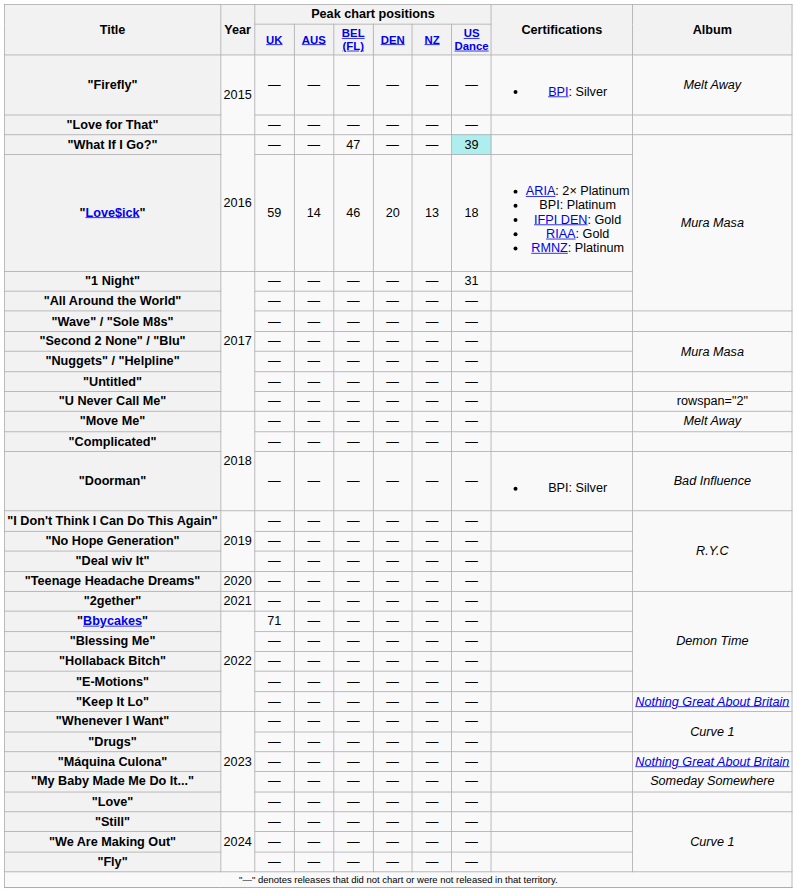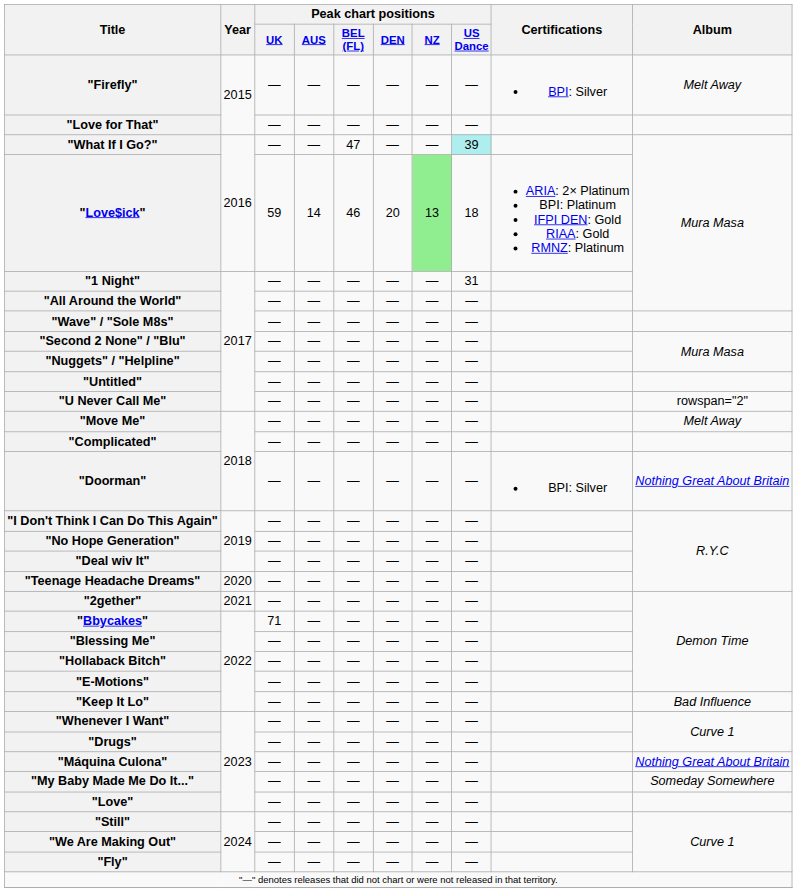 <table class="wikitable plainrowheaders" style="text-align:center">
 <tr>
 <th scope="col" rowspan="2">Title</th>
 <th scope="col" rowspan="2">Year</th>
 <th scope="col" colspan="6">Peak chart positions</th>
 <th scope="col" rowspan="2">Certifications</th>
 <th scope="col" rowspan="2">Album</th>
 </tr>
 <tr>
 <th scope="col" style="width:3em;font-size:90%;"><a href='#'>UK</a><br></th>
 <th scope="col" style="width:3em;font-size:90%;"><a href='#'>AUS</a><br></th>
 <th scope="col" style="width:3em;font-size:90%;"><a href='#'>BEL<br>(FL)</a><br></th>
 <th scope="col" style="width:3em;font-size:90%;"><a href='#'>DEN</a><br></th>
 <th scope="col" style="width:3em;font-size:90%;"><a href='#'>NZ</a><br></th>
 <th scope="col" style="width:3em;font-size:90%;"><a href='#'>US<br>Dance</a><br></th>
 </tr>
 <tr>
 <th scope="row">"Firefly" <br> </th>
 <td rowspan="2">2015</td>
 <td>—</td>
 <td>—</td>
 <td>—</td>
 <td>—</td>
 <td>—</td>
 <td>—</td>
 <td><br><ul><li><a href='#'>BPI</a>: Silver</li></ul></td>
 <td><em>Melt Away</em></td>
 </tr>
 <tr>
 <th scope="row">"Love for That" <br> </th>
 <td>—</td>
 <td>—</td>
 <td>—</td>
 <td>—</td>
 <td>—</td>
 <td>—</td>
 <td></td>
 <td></td>
 </tr>
 <tr>
 <th scope="row">"What If I Go?"<br></th>
 <td rowspan="2">2016</td>
 <td>—</td>
 <td>—</td>
 <td>47</td>
 <td>—</td>
 <td>—</td>
 <td style="background: paleturquoise;">39</td>
 <td></td>
 <td rowspan="4"><em>Mura Masa</em></td>
 </tr>
 <tr>
 <th scope="row">"<a href='#'>Love$ick</a>" <br> </th>
 <td>59</td>
 <td>14</td>
 <td>46</td>
 <td>20</td>
-<td>13</td>
+<td style="background: lightgreen;">13</td>
 <td>18</td>
 <td><br><ul><li><a href='#'>ARIA</a>: 2× Platinum</li><li>BPI: Platinum</li><li><a href='#'>IFPI DEN</a>: Gold</li><li><a href='#'>RIAA</a>: Gold</li><li><a href='#'>RMNZ</a>: Platinum</li></ul></td>
 </tr>
 <tr>
 <th scope="row">"1 Night"<br></th>
 <td rowspan="7">2017</td>
 <td>—</td>
 <td>—</td>
 <td>—</td>
 <td>—</td>
 <td>—</td>
 <td>31</td>
 <td></td>
 </tr>
 <tr>
 <th scope="row">"All Around the World"<br></th>
 <td>—</td>
 <td>—</td>
 <td>—</td>
 <td>—</td>
 <td>—</td>
 <td>—</td>
 <td></td>
 </tr>
 <tr>
 <th scope="row">"Wave" / "Sole M8s"</th>
 <td>—</td>
 <td>—</td>
 <td>—</td>
 <td>—</td>
 <td>—</td>
 <td>—</td>
 <td></td>
 <td></td>
 </tr>
 <tr>
 <th scope="row">"Second 2 None" / "Blu"<br></th>
 <td>—</td>
 <td>—</td>
 <td>—</td>
 <td>—</td>
 <td>—</td>
 <td>—</td>
 <td></td>
 <td rowspan="2"><em>Mura Masa</em></td>
 </tr>
 <tr>
 <th scope="row">"Nuggets" / "Helpline"<br></th>
 <td>—</td>
 <td>—</td>
 <td>—</td>
 <td>—</td>
 <td>—</td>
 <td>—</td>
 <td></td>
 </tr>
 <tr>
 <th scope="row">"Untitled"<br></th>
 <td>—</td>
 <td>—</td>
 <td>—</td>
 <td>—</td>
 <td>—</td>
 <td>—</td>
 <td></td>
 <td></td>
 </tr>
 <tr>
 <th scope="row">"U Never Call Me"<br></th>
 <td>—</td>
 <td>—</td>
 <td>—</td>
 <td>—</td>
 <td>—</td>
 <td>—</td>
 <td></td>
 <td>rowspan="2" </td>
 </tr>
 <tr>
 <th scope="row">"Move Me"<br></th>
 <td rowspan="3">2018</td>
 <td>—</td>
 <td>—</td>
 <td>—</td>
 <td>—</td>
 <td>—</td>
 <td>—</td>
 <td></td>
 <td><em>Melt Away</em></td>
 </tr>
 <tr>
 <th scope="row">"Complicated"<br></th>
 <td>—</td>
 <td>—</td>
 <td>—</td>
 <td>—</td>
 <td>—</td>
 <td>—</td>
 <td></td>
 </tr>
 <tr>
 <th scope="row">"Doorman"<br></th>
 <td>—</td>
 <td>—</td>
 <td>—</td>
 <td>—</td>
 <td>—</td>
 <td>—</td>
 <td><br><ul><li>BPI: Silver</li></ul></td>
-<td><em>Bad Influence</em></td>
+<td><em><a href='#'>Nothing Great About Britain</a></em></td>
 </tr>
 <tr>
 <th scope="row">"I Don't Think I Can Do This Again"<br></th>
 <td rowspan="3">2019</td>
 <td>—</td>
 <td>—</td>
 <td>—</td>
 <td>—</td>
 <td>—</td>
 <td>—</td>
 <td></td>
 <td rowspan="4"><em>R.Y.C</em></td>
 </tr>
 <tr>
 <th scope="row">"No Hope Generation"</th>
 <td>—</td>
 <td>—</td>
 <td>—</td>
 <td>—</td>
 <td>—</td>
 <td>—</td>
 <td></td>
 </tr>
 <tr>
 <th scope="row">"Deal wiv It"<br></th>
 <td>—</td>
 <td>—</td>
 <td>—</td>
 <td>—</td>
 <td>—</td>
 <td>—</td>
 <td></td>
 </tr>
 <tr>
 <th scope="row">"Teenage Headache Dreams"<br></th>
 <td>2020</td>
 <td>—</td>
 <td>—</td>
 <td>—</td>
 <td>—</td>
 <td>—</td>
 <td>—</td>
 <td></td>
 </tr>
 <tr>
 <th scope="row">"2gether"<br></th>
 <td>2021</td>
 <td>—</td>
 <td>—</td>
 <td>—</td>
 <td>—</td>
 <td>—</td>
 <td>—</td>
 <td></td>
 <td rowspan="5"><em>Demon Time</em></td>
 </tr>
 <tr>
 <th scope="row">"<a href='#'>Bbycakes</a>"<br></th>
 <td rowspan="5">2022</td>
 <td>71</td>
 <td>—</td>
 <td>—</td>
 <td>—</td>
 <td>—</td>
 <td>—</td>
 <td></td>
 </tr>
 <tr>
 <th scope="row">"Blessing Me"<br></th>
 <td>—</td>
 <td>—</td>
 <td>—</td>
 <td>—</td>
 <td>—</td>
 <td>—</td>
 <td></td>
 </tr>
 <tr>
 <th scope="row">"Hollaback Bitch"<br></th>
 <td>—</td>
 <td>—</td>
 <td>—</td>
 <td>—</td>
 <td>—</td>
 <td>—</td>
 <td></td>
 </tr>
 <tr>
 <th scope="row">"E-Motions"<br></th>
 <td>—</td>
 <td>—</td>
 <td>—</td>
 <td>—</td>
 <td>—</td>
 <td>—</td>
 <td></td>
 </tr>
 <tr>
 <th scope="row">"Keep It Lo"<br></th>
 <td>—</td>
 <td>—</td>
 <td>—</td>
 <td>—</td>
 <td>—</td>
 <td>—</td>
 <td></td>
-<td><em><a href='#'>Nothing Great About Britain</a></em></td>
+<td><em>Bad Influence</em></td>
 </tr>
 <tr>
 <th scope="row">"Whenever I Want"</th>
 <td rowspan="5">2023</td>
 <td>—</td>
 <td>—</td>
 <td>—</td>
 <td>—</td>
 <td>—</td>
 <td>—</td>
 <td></td>
 <td rowspan="2"><em>Curve 1</em></td>
 </tr>
 <tr>
 <th scope="row">"Drugs"<br></th>
 <td>—</td>
 <td>—</td>
 <td>—</td>
 <td>—</td>
 <td>—</td>
 <td>—</td>
 <td></td>
 </tr>
 <tr>
 <th scope="row">"Máquina Culona"<br></th>
 <td>—</td>
 <td>—</td>
 <td>—</td>
 <td>—</td>
 <td>—</td>
 <td>—</td>
 <td></td>
 <td><em><a href='#'>Nothing Great About Britain</a></em></td>
 </tr>
 <tr>
 <th scope="row">"My Baby Made Me Do It..."<br></th>
 <td>—</td>
 <td>—</td>
 <td>—</td>
 <td>—</td>
 <td>—</td>
 <td>—</td>
 <td></td>
 <td><em>Someday Somewhere</em></td>
 </tr>
 <tr>
 <th scope="row">"Love"<br></th>
 <td>—</td>
 <td>—</td>
 <td>—</td>
 <td>—</td>
 <td>—</td>
 <td>—</td>
 <td></td>
 </tr>
 <tr>
 <th scope="row">"Still"</th>
 <td rowspan="3">2024</td>
 <td>—</td>
 <td>—</td>
 <td>—</td>
 <td>—</td>
 <td>—</td>
 <td>—</td>
 <td></td>
 <td rowspan="3"><em>Curve 1</em></td>
 </tr>
 <tr>
 <th scope="row">"We Are Making Out"<br></th>
 <td>—</td>
 <td>—</td>
 <td>—</td>
 <td>—</td>
 <td>—</td>
 <td>—</td>
 <td></td>
 </tr>
 <tr>
 <th scope="row">"Fly"<br></th>
 <td>—</td>
 <td>—</td>
 <td>—</td>
 <td>—</td>
 <td>—</td>
 <td>—</td>
 <td></td>
 </tr>
 <tr>
 <td colspan="10"  style="text-align:center; font-size:9pt;">"—" denotes releases that did not chart or were not released in that territory.</td>
 </tr>
 <tr>
 </tr>
 </table>
